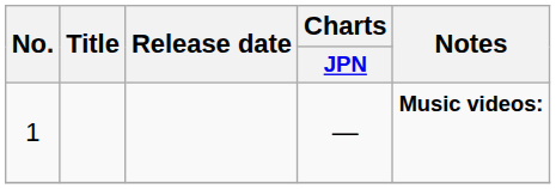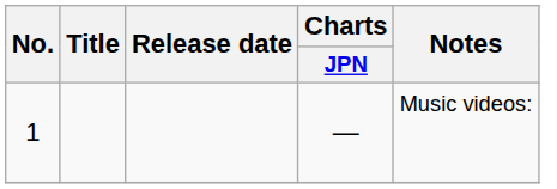 <table class="wikitable">
 <tr>
 <th rowspan="2">No.</th>
 <th rowspan="2">Title</th>
 <th rowspan="2">Release date</th>
 <th>Charts</th>
 <th rowspan="2">Notes</th>
 </tr>
 <tr style="width:3em;font-size:85%;">
 <th><a href='#'>JPN</a><br></th>
 </tr>
 <tr>
 <td align="center">1</td>
 <td></td>
 <td></td>
 <td align="center">—</td>
-<td><strong><small>Music videos:<br><br><br></small></strong></td>
+<td><small>Music videos:<br><br><br></small></td>
 </tr>
 <tr>
 </tr>
 </table>
